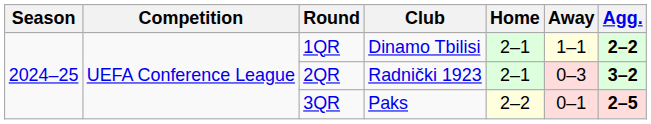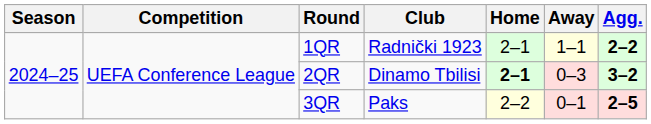 <table class="wikitable">
 <tr>
 <th>Season</th>
 <th>Competition</th>
 <th>Round</th>
 <th>Club</th>
 <th>Home</th>
 <th>Away</th>
 <th><a href='#'>Agg.</a></th>
 </tr>
 <tr>
 <td rowspan="3"><a href='#'>2024–25</a></td>
 <td rowspan="3"><a href='#'>UEFA Conference League</a></td>
 <td><a href='#'>1QR</a></td>
-<td> <a href='#'>Dinamo Tbilisi</a></td>
+<td> <a href='#'>Radnički 1923</a></td>
 <td style="text-align:center; background:#ddffdd;">2–1</td>
 <td style="text-align:center; background:#ffffdd;">1–1</td>
 <td style="text-align:center; background:#ddffdd;"><strong>2–2 </strong></td>
 </tr>
 <tr>
 <td><a href='#'>2QR</a></td>
-<td> <a href='#'>Radnički 1923</a></td>
-<td style="text-align:center; background:#ddffdd;">2–1 </td>
+<td> <a href='#'>Dinamo Tbilisi</a></td>
+<td style="text-align:center; background:#ddffdd;"><strong>2–1 </strong></td>
 <td style="text-align:center; background:#ffdddd;">0–3</td>
 <td style="text-align:center; background:#ddffdd;"><strong>3–2</strong></td>
 </tr>
 <tr>
 <td><a href='#'>3QR</a></td>
 <td> <a href='#'>Paks</a></td>
 <td style="text-align:center; background:#ffffdd;">2–2</td>
 <td style="text-align:center; background:#ffdddd;">0–1</td>
 <td style="text-align:center; background:#ffdddd;"><strong>2–5</strong></td>
 </tr>
 </table>
